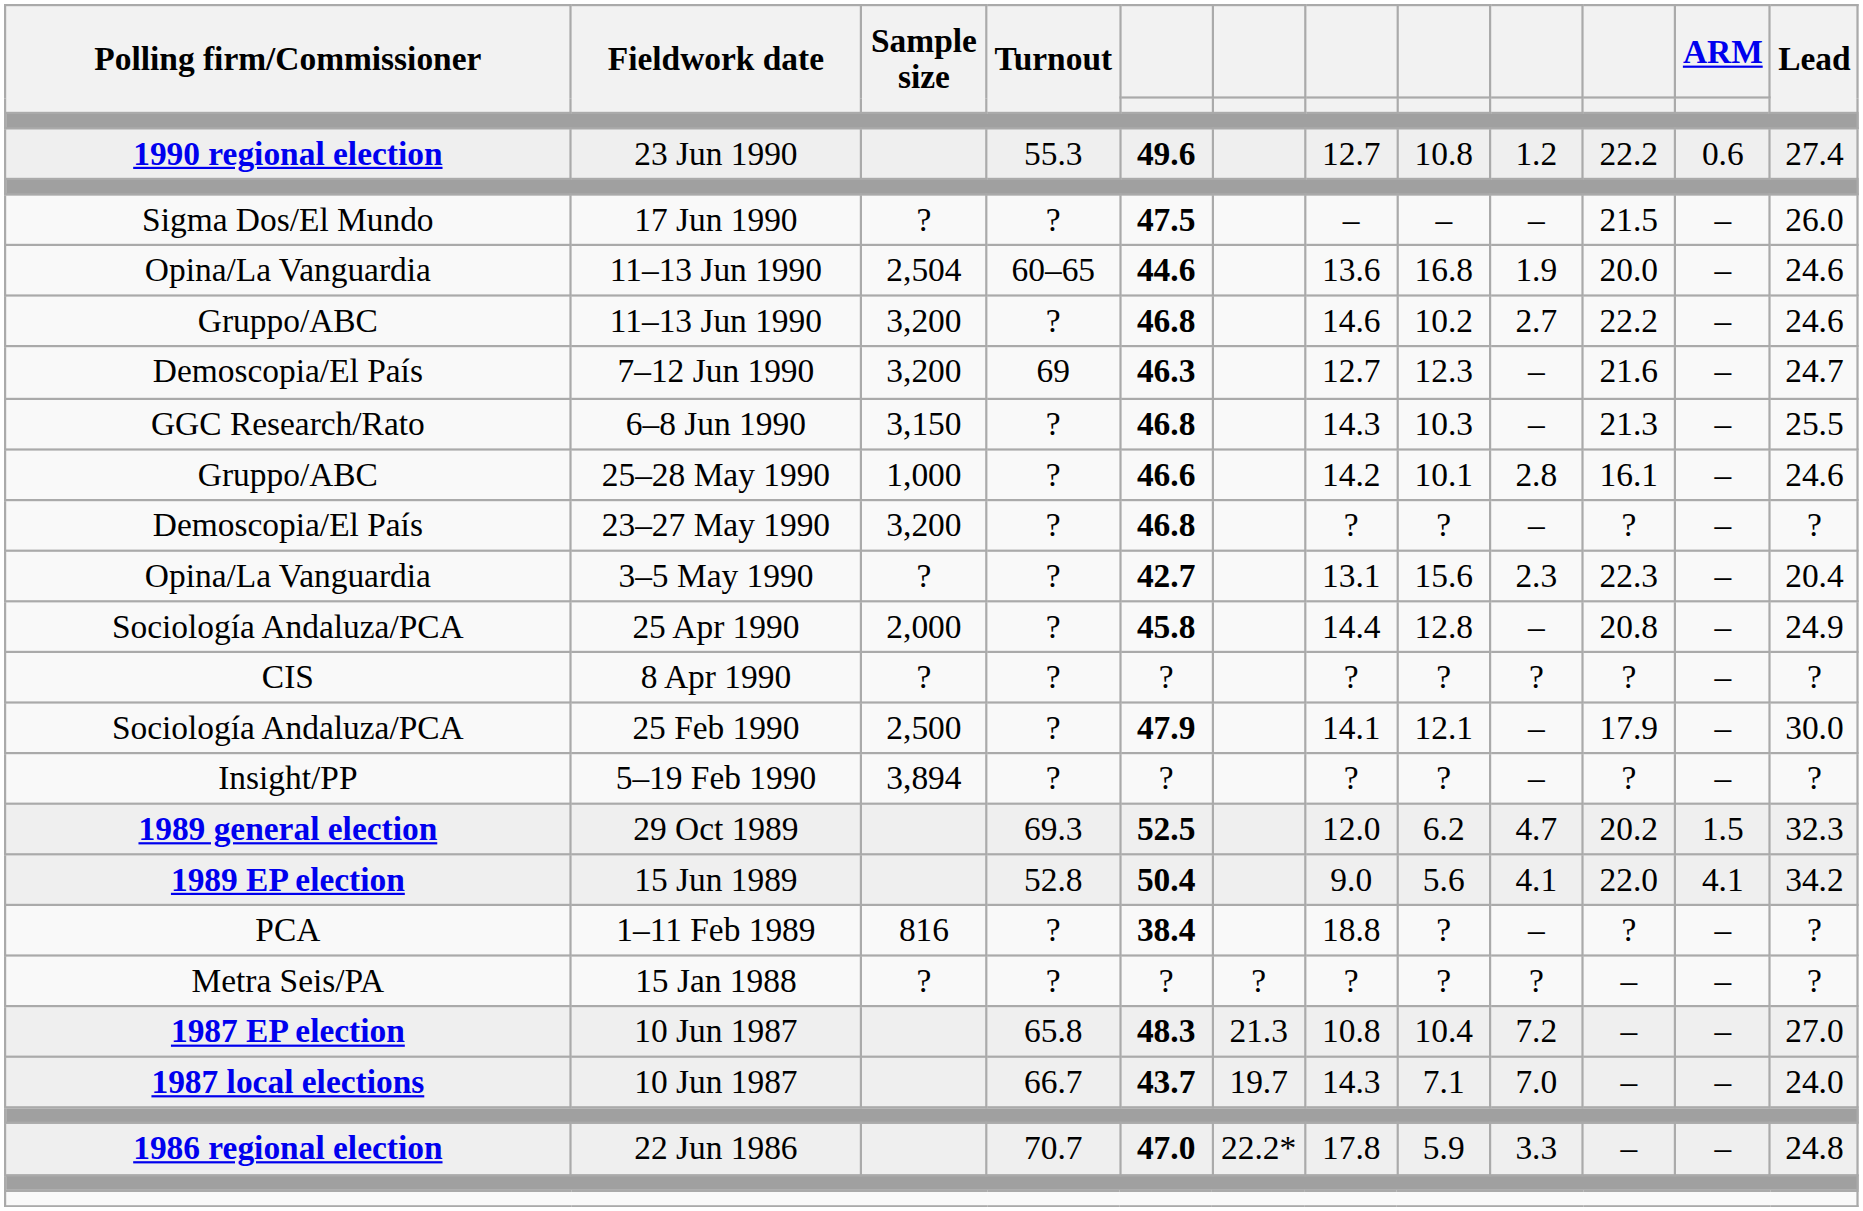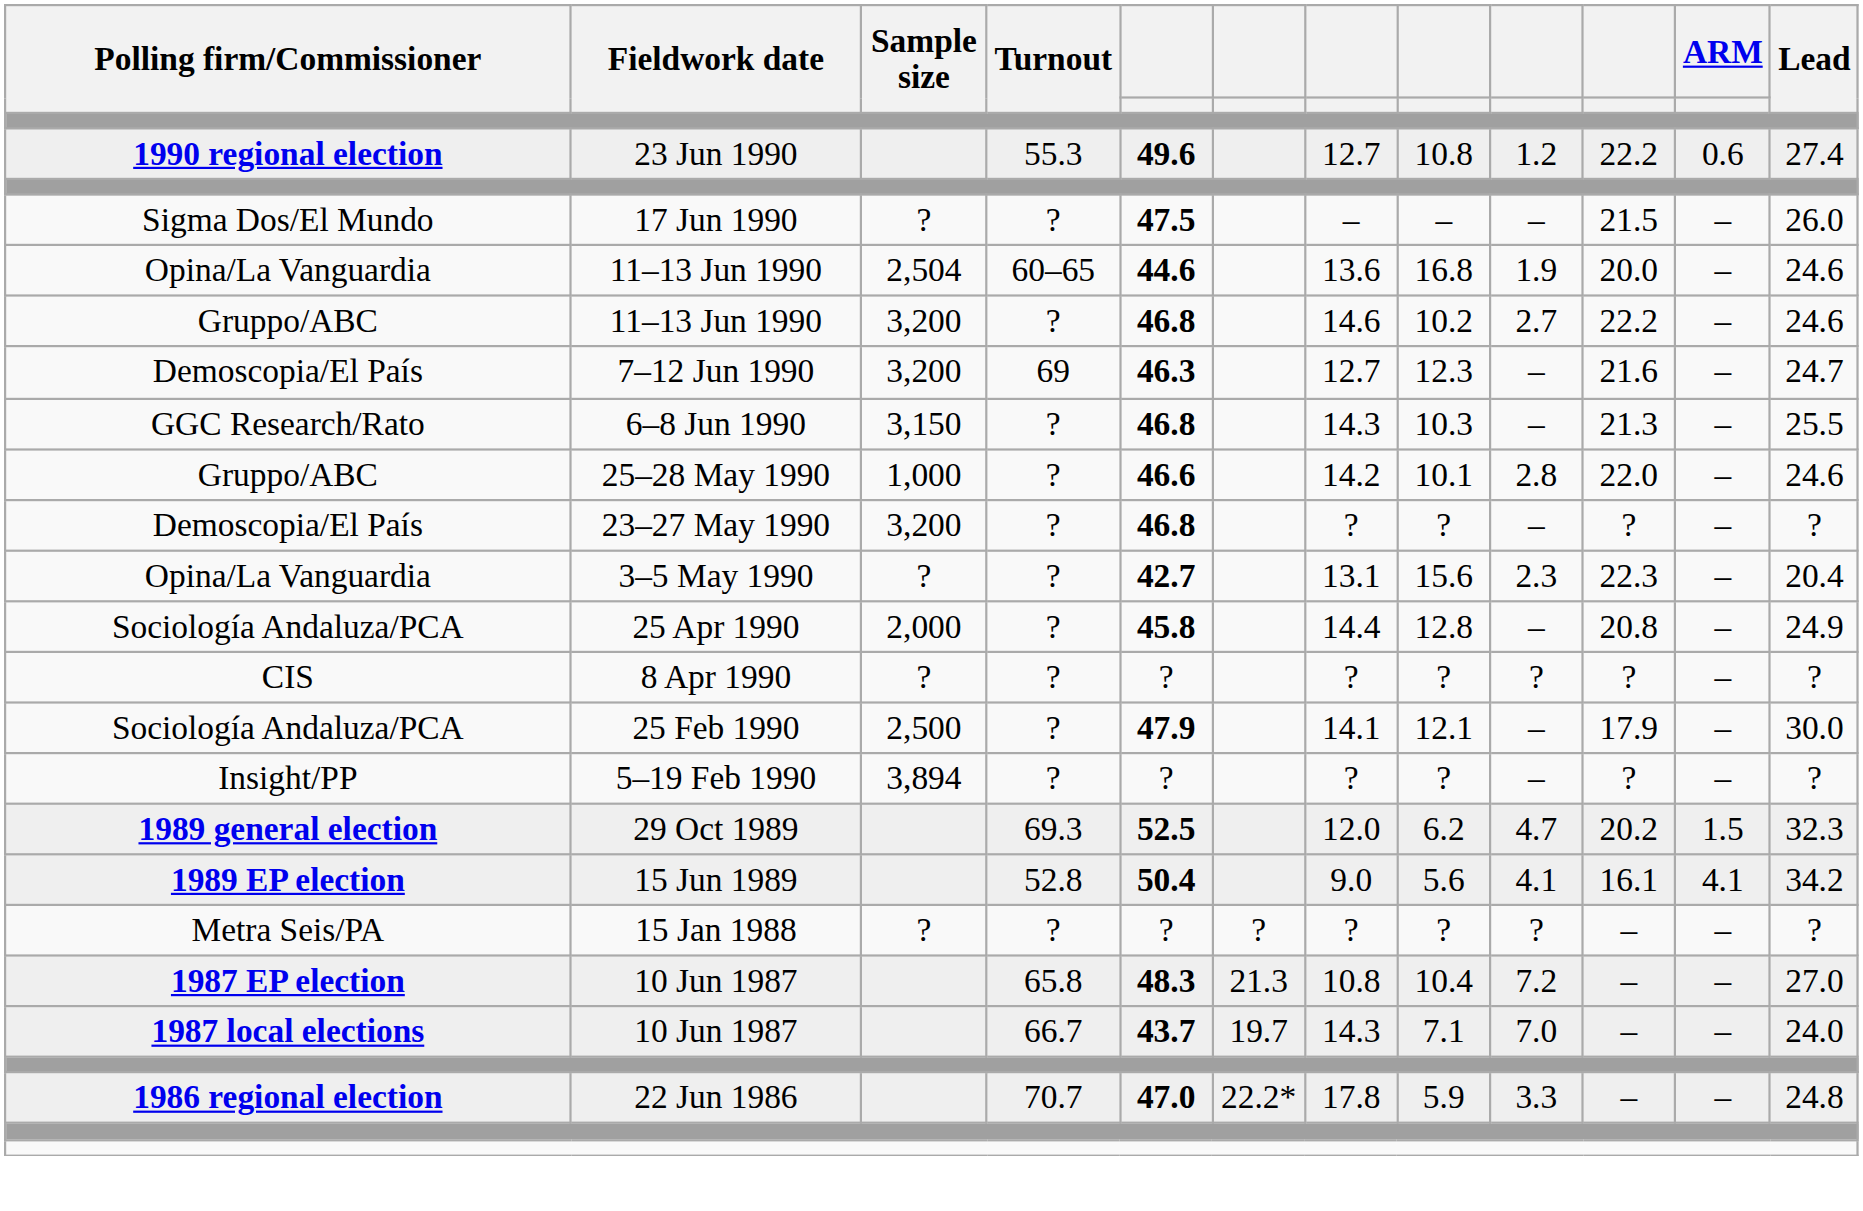 <table class="wikitable collapsible collapsed" style="text-align:center; font-size:95%; line-height:16px;">
 <tr style="height:42px;">
 <th style="width:250px;" rowspan="2">Polling firm/Commissioner</th>
 <th style="width:125px;" rowspan="2">Fieldwork date</th>
 <th style="width:50px;" rowspan="2">Sample size</th>
 <th style="width:45px;" rowspan="2">Turnout</th>
 <th style="width:35px;"></th>
 <th style="width:35px;"></th>
 <th style="width:35px;"></th>
 <th style="width:35px;"></th>
 <th style="width:35px;"></th>
 <th style="width:35px;"></th>
 <th style="width:35px;"><a href='#'>ARM</a></th>
 <th style="width:20px;" rowspan="2">Lead</th>
 </tr>
 <tr>
 <th style="color:inherit;background:"></th>
 <th style="color:inherit;background:"></th>
 <th style="color:inherit;background:"></th>
 <th style="color:inherit;background:"></th>
 <th style="color:inherit;background:"></th>
 <th style="color:inherit;background:"></th>
 <th style="color:inherit;background:"></th>
 </tr>
 <tr>
 <td colspan="12" style="background:#A0A0A0"></td>
 </tr>
 <tr style="background:#EFEFEF;">
 <td><strong><a href='#'>1990 regional election</a></strong></td>
 <td>23 Jun 1990</td>
 <td></td>
 <td>55.3</td>
 <td><strong>49.6</strong><br></td>
 <td></td>
 <td>12.7<br></td>
 <td>10.8<br></td>
 <td>1.2<br></td>
 <td>22.2<br></td>
 <td>0.6<br></td>
 <td style="background:">27.4</td>
 </tr>
 <tr>
 <td colspan="12" style="background:#A0A0A0"></td>
 </tr>
 <tr>
 <td>Sigma Dos/El Mundo</td>
 <td>17 Jun 1990</td>
 <td>?</td>
 <td>?</td>
 <td><strong>47.5</strong><br></td>
 <td></td>
 <td>–</td>
 <td>–</td>
 <td>–</td>
 <td>21.5<br></td>
 <td>–</td>
 <td style="background:">26.0</td>
 </tr>
 <tr>
 <td>Opina/La Vanguardia</td>
 <td>11–13 Jun 1990</td>
 <td>2,504</td>
 <td>60–65</td>
 <td><strong>44.6</strong><br></td>
 <td></td>
 <td>13.6<br></td>
 <td>16.8<br></td>
 <td>1.9<br></td>
 <td>20.0<br></td>
 <td>–</td>
 <td style="background:">24.6</td>
 </tr>
 <tr>
 <td>Gruppo/ABC</td>
 <td>11–13 Jun 1990</td>
 <td>3,200</td>
 <td>?</td>
 <td><strong>46.8</strong><br></td>
 <td></td>
 <td>14.6<br></td>
 <td>10.2<br></td>
 <td>2.7<br></td>
 <td>22.2<br></td>
 <td>–</td>
 <td style="background:">24.6</td>
 </tr>
 <tr>
 <td>Demoscopia/El País</td>
 <td>7–12 Jun 1990</td>
 <td>3,200</td>
 <td>69</td>
 <td><strong>46.3</strong><br></td>
 <td></td>
 <td>12.7<br></td>
 <td>12.3<br></td>
 <td>–</td>
 <td>21.6<br></td>
 <td>–</td>
 <td style="background:">24.7</td>
 </tr>
 <tr>
 <td>GGC Research/Rato</td>
 <td>6–8 Jun 1990</td>
 <td>3,150</td>
 <td>?</td>
 <td><strong>46.8</strong><br></td>
 <td></td>
 <td>14.3<br></td>
 <td>10.3<br></td>
 <td>–</td>
 <td>21.3<br></td>
 <td>–</td>
 <td style="background:">25.5</td>
 </tr>
 <tr>
 <td>Gruppo/ABC</td>
 <td>25–28 May 1990</td>
 <td>1,000</td>
 <td>?</td>
 <td><strong>46.6</strong><br></td>
 <td></td>
 <td>14.2<br></td>
 <td>10.1<br></td>
 <td>2.8<br></td>
-<td>16.1<br></td>
+<td>22.0<br></td>
 <td>–</td>
 <td style="background:">24.6</td>
 </tr>
 <tr>
 <td>Demoscopia/El País</td>
 <td>23–27 May 1990</td>
 <td>3,200</td>
 <td>?</td>
 <td><strong>46.8</strong><br></td>
 <td></td>
 <td>?<br></td>
 <td>?<br></td>
 <td>–</td>
 <td>?<br></td>
 <td>–</td>
 <td style="background:">?</td>
 </tr>
 <tr>
 <td>Opina/La Vanguardia</td>
 <td>3–5 May 1990</td>
 <td>?</td>
 <td>?</td>
 <td><strong>42.7</strong></td>
 <td></td>
 <td>13.1</td>
 <td>15.6</td>
 <td>2.3</td>
 <td>22.3</td>
 <td>–</td>
 <td style="background:">20.4</td>
 </tr>
 <tr>
 <td>Sociología Andaluza/PCA</td>
 <td>25 Apr 1990</td>
 <td>2,000</td>
 <td>?</td>
 <td><strong>45.8</strong></td>
 <td></td>
 <td>14.4</td>
 <td>12.8</td>
 <td>–</td>
 <td>20.8</td>
 <td>–</td>
 <td style="background:">24.9</td>
 </tr>
 <tr>
 <td>CIS</td>
 <td>8 Apr 1990</td>
 <td>?</td>
 <td>?</td>
 <td>?<br></td>
 <td></td>
 <td>?<br></td>
 <td>?<br></td>
 <td>?<br></td>
 <td>?<br></td>
 <td>–</td>
 <td style="background:">?</td>
 </tr>
 <tr>
 <td>Sociología Andaluza/PCA</td>
 <td>25 Feb 1990</td>
 <td>2,500</td>
 <td>?</td>
 <td><strong>47.9</strong></td>
 <td></td>
 <td>14.1</td>
 <td>12.1</td>
 <td>–</td>
 <td>17.9</td>
 <td>–</td>
 <td style="background:">30.0</td>
 </tr>
 <tr>
 <td>Insight/PP</td>
 <td>5–19 Feb 1990</td>
 <td>3,894</td>
 <td>?</td>
 <td>?<br></td>
 <td></td>
 <td>?<br></td>
 <td>?<br></td>
 <td>–</td>
 <td>?<br></td>
 <td>–</td>
 <td style="background:">?</td>
 </tr>
 <tr style="background:#EFEFEF;">
 <td><strong><a href='#'>1989 general election</a></strong></td>
 <td>29 Oct 1989</td>
 <td></td>
 <td>69.3</td>
 <td><strong>52.5</strong><br></td>
 <td></td>
 <td>12.0<br></td>
 <td>6.2<br></td>
 <td>4.7<br></td>
 <td>20.2<br></td>
 <td>1.5<br></td>
 <td style="background:">32.3</td>
 </tr>
 <tr style="background:#EFEFEF;">
 <td><strong><a href='#'>1989 EP election</a></strong></td>
 <td>15 Jun 1989</td>
 <td></td>
 <td>52.8</td>
 <td><strong>50.4</strong><br></td>
 <td></td>
 <td>9.0<br></td>
 <td>5.6<br></td>
 <td>4.1<br></td>
-<td>22.0<br></td>
+<td>16.1<br></td>
 <td>4.1<br></td>
 <td style="background:">34.2</td>
-</tr>
-<tr>
-<td>PCA</td>
-<td>1–11 Feb 1989</td>
-<td>816</td>
-<td>?</td>
-<td><strong>38.4</strong><br></td>
-<td></td>
-<td>18.8<br></td>
-<td>?<br></td>
-<td>–</td>
-<td>?<br></td>
-<td>–</td>
-<td style="background:">?</td>
 </tr>
 <tr>
 <td>Metra Seis/PA</td>
 <td>15 Jan 1988</td>
 <td>?</td>
 <td>?</td>
 <td>?<br></td>
 <td>?<br></td>
 <td>?<br></td>
 <td>?<br></td>
 <td>?<br></td>
 <td>–</td>
 <td>–</td>
 <td style="background:">?</td>
 </tr>
 <tr style="background:#EFEFEF;">
 <td><strong><a href='#'>1987 EP election</a></strong></td>
 <td>10 Jun 1987</td>
 <td></td>
 <td>65.8</td>
 <td><strong>48.3</strong><br></td>
 <td>21.3<br></td>
 <td>10.8<br></td>
 <td>10.4<br></td>
 <td>7.2<br></td>
 <td>–</td>
 <td>–</td>
 <td style="background:">27.0</td>
 </tr>
 <tr style="background:#EFEFEF;">
 <td><strong><a href='#'>1987 local elections</a></strong></td>
 <td>10 Jun 1987</td>
 <td></td>
 <td>66.7</td>
 <td><strong>43.7</strong></td>
 <td>19.7</td>
 <td>14.3</td>
 <td>7.1</td>
 <td>7.0</td>
 <td>–</td>
 <td>–</td>
 <td style="background:">24.0</td>
 </tr>
 <tr>
 <td colspan="12" style="background:#A0A0A0"></td>
 </tr>
 <tr style="background:#EFEFEF;">
 <td><strong><a href='#'>1986 regional election</a></strong></td>
 <td>22 Jun 1986</td>
 <td></td>
 <td>70.7</td>
 <td><strong>47.0</strong><br></td>
 <td>22.2*<br></td>
 <td>17.8<br></td>
 <td>5.9<br></td>
 <td>3.3<br></td>
 <td>–</td>
 <td>–</td>
 <td style="background:">24.8</td>
 </tr>
 <tr>
 <td colspan="12" style="background:#A0A0A0"></td>
 </tr>
 <tr>
 <td align="left" colspan="12"></td>
 </tr>
 </table>
